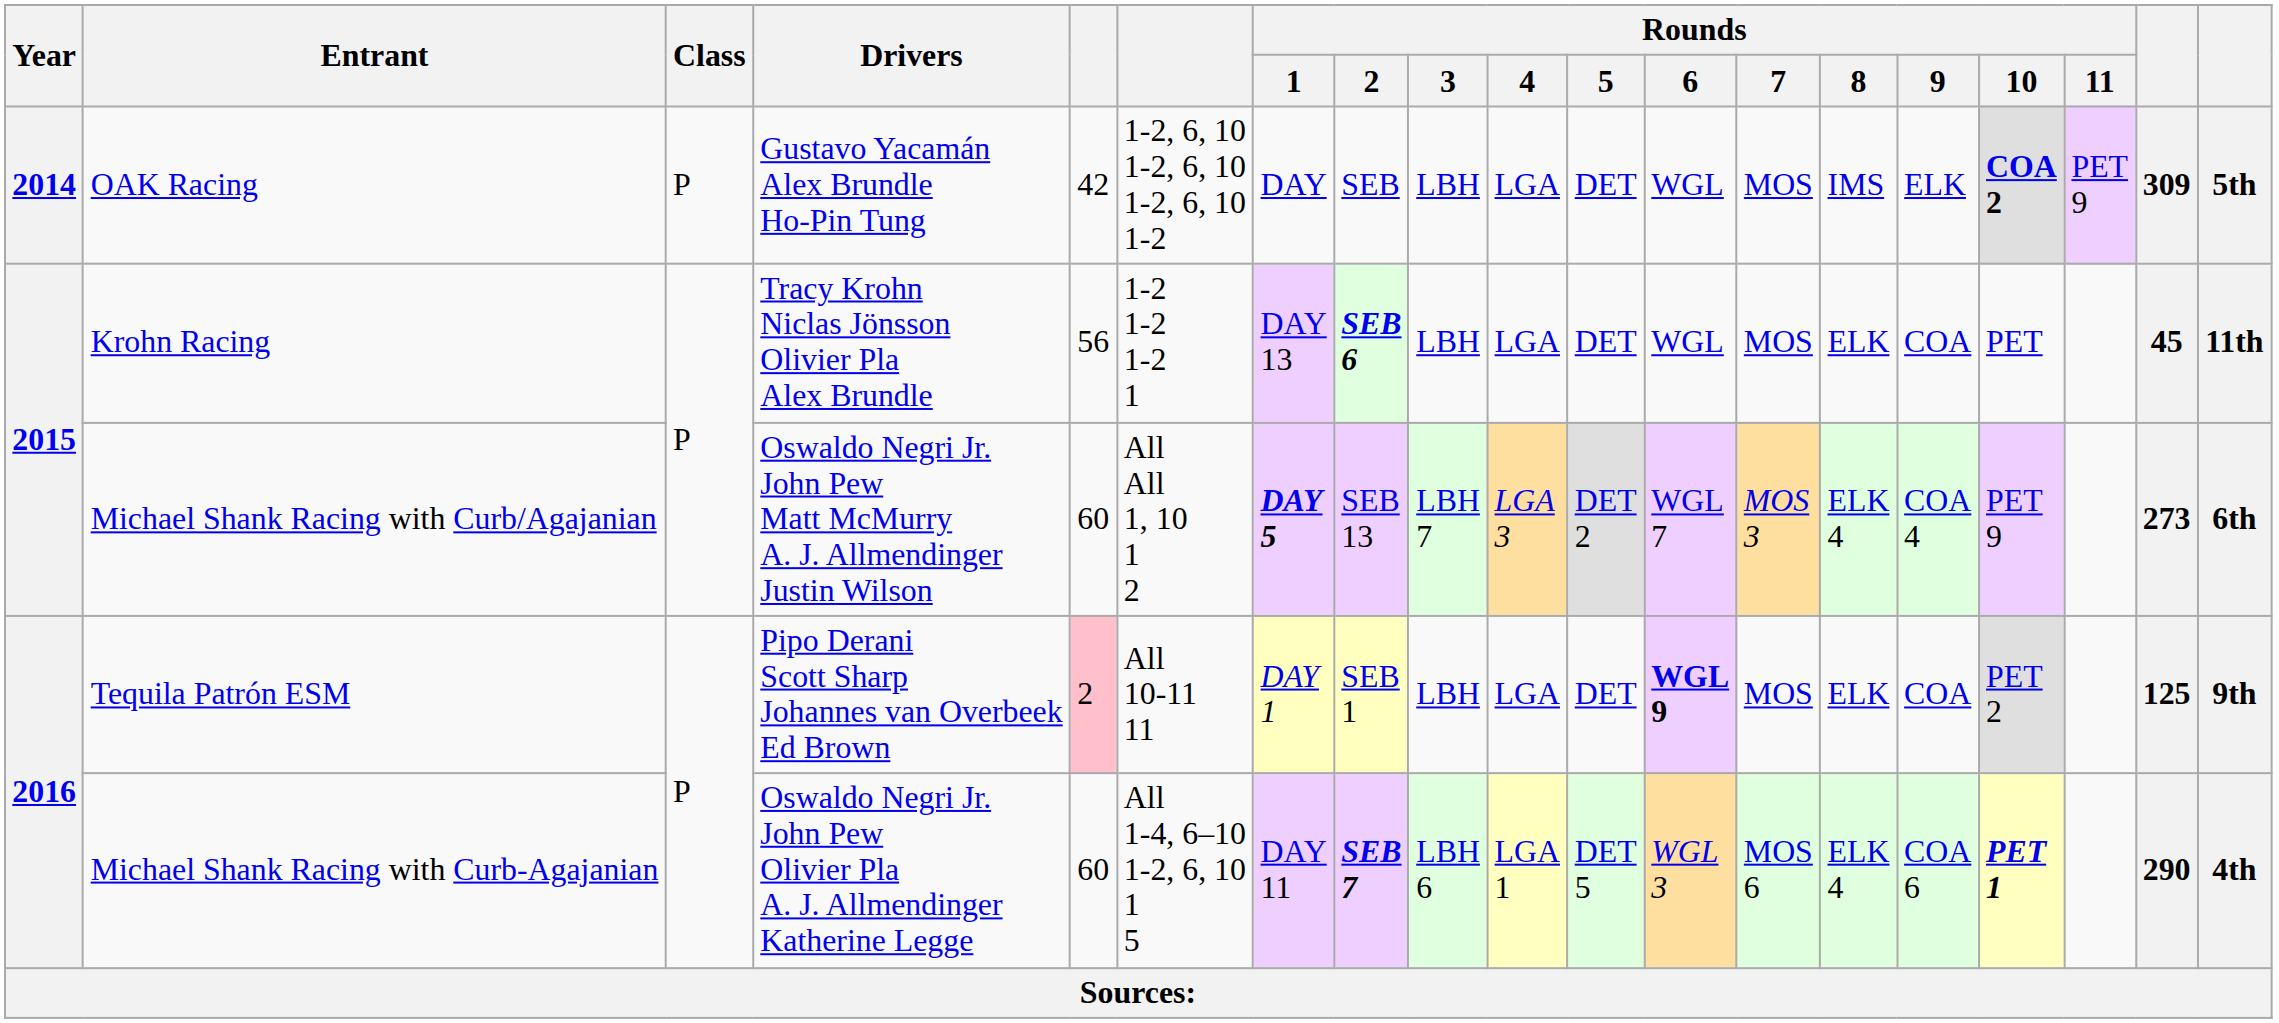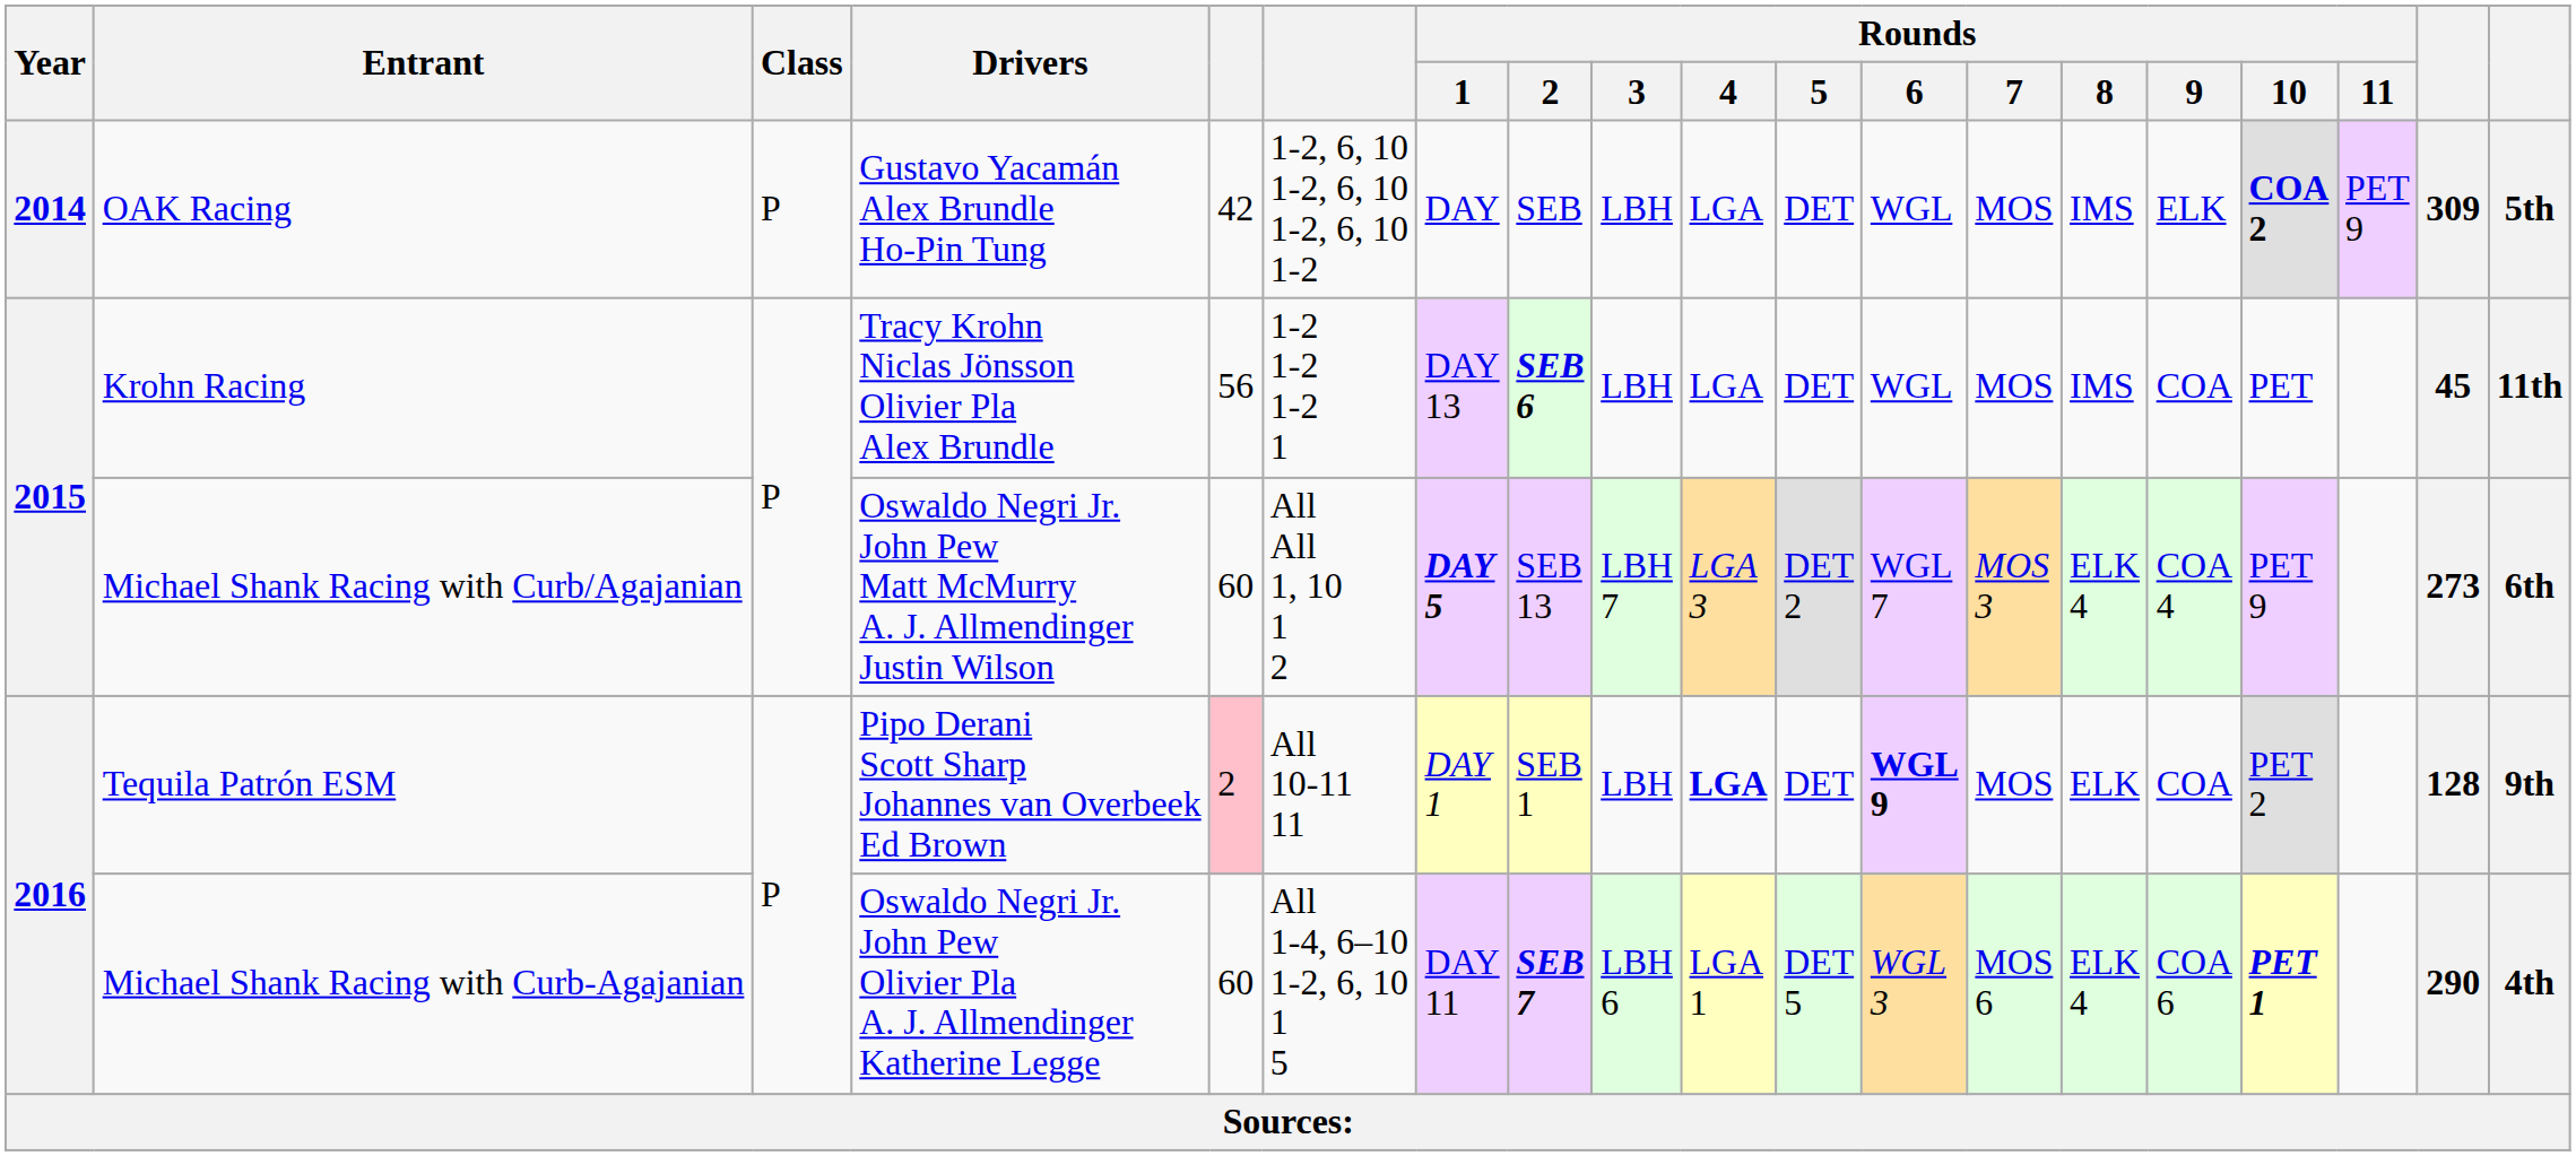 <table class="wikitable">
 <tr>
 <th rowspan="2">Year</th>
 <th rowspan="2">Entrant</th>
 <th rowspan="2">Class</th>
 <th rowspan="2">Drivers</th>
 <th rowspan="2"></th>
 <th rowspan="2"></th>
 <th colspan="11">Rounds</th>
 <th rowspan="2"></th>
 <th rowspan="2"></th>
 </tr>
 <tr>
 <th>1</th>
 <th>2</th>
 <th>3</th>
 <th>4</th>
 <th>5</th>
 <th>6</th>
 <th>7</th>
 <th>8</th>
 <th>9</th>
 <th>10</th>
 <th>11</th>
 </tr>
 <tr>
 <th><a href='#'>2014</a></th>
 <td> <a href='#'>OAK Racing</a></td>
 <td>P</td>
 <td> <a href='#'>Gustavo Yacamán</a><br> <a href='#'>Alex Brundle</a><br> <a href='#'>Ho-Pin Tung</a></td>
 <td>42</td>
 <td>1-2, 6, 10<br>1-2, 6, 10<br>1-2, 6, 10<br>1-2</td>
 <td><a href='#'>DAY</a></td>
 <td><a href='#'>SEB</a></td>
 <td><a href='#'>LBH</a></td>
 <td><a href='#'>LGA</a></td>
 <td><a href='#'>DET</a></td>
 <td><a href='#'>WGL</a></td>
 <td><a href='#'>MOS</a></td>
 <td><a href='#'>IMS</a></td>
 <td><a href='#'>ELK</a></td>
 <td style="background:#DFDFDF;”"><strong><a href='#'>COA</a><br>2</strong></td>
 <td style="background:#EFCFFF;"><a href='#'>PET</a><br>9</td>
 <th>309</th>
 <th>5th</th>
 </tr>
 <tr>
 <th rowspan="2"><a href='#'>2015</a></th>
 <td> <a href='#'>Krohn Racing</a></td>
 <td rowspan="2">P</td>
 <td> <a href='#'>Tracy Krohn</a><br> <a href='#'>Niclas Jönsson</a><br> <a href='#'>Olivier Pla</a><br> <a href='#'>Alex Brundle</a></td>
 <td>56</td>
 <td>1-2<br>1-2<br>1-2<br>1</td>
 <td style="background:#EFCFFF;"><a href='#'>DAY</a><br>13</td>
 <td style="background:#DFFFDF;"><strong><em><a href='#'>SEB</a><br>6</em></strong></td>
 <td><a href='#'>LBH</a><br></td>
 <td><a href='#'>LGA</a><br></td>
 <td><a href='#'>DET</a><br></td>
 <td><a href='#'>WGL</a><br></td>
 <td><a href='#'>MOS</a><br></td>
-<td><a href='#'>ELK</a><br></td>
+<td><a href='#'>IMS</a></td>
 <td><a href='#'>COA</a><br></td>
 <td><a href='#'>PET</a><br></td>
 <td></td>
 <th>45</th>
 <th>11th</th>
 </tr>
 <tr>
 <td> <a href='#'>Michael Shank Racing</a> with <a href='#'>Curb/Agajanian</a></td>
 <td> <a href='#'>Oswaldo Negri Jr.</a><br> <a href='#'>John Pew</a><br> <a href='#'>Matt McMurry</a><br> <a href='#'>A. J. Allmendinger</a><br> <a href='#'>Justin Wilson</a></td>
 <td>60</td>
 <td>All<br>All<br>1, 10<br>1<br>2</td>
 <td style="background:#EFCFFF;"><strong><em><a href='#'>DAY</a><br>5</em></strong></td>
 <td style="background:#EFCFFF;"><a href='#'>SEB</a><br>13</td>
 <td style="background:#DFFFDF;"><a href='#'>LBH</a><br>7</td>
 <td style="background:#FFDF9F;”"><em><a href='#'>LGA</a><br>3</em></td>
 <td style="background:#DFDFDF;”"><a href='#'>DET</a><br>2</td>
 <td style="background:#EFCFFF;"><a href='#'>WGL</a><br>7</td>
 <td style="background:#FFDF9F;”"><em><a href='#'>MOS</a><br>3</em></td>
 <td style="background:#DFFFDF;"><a href='#'>ELK</a><br>4</td>
 <td style="background:#DFFFDF;"><a href='#'>COA</a><br>4</td>
 <td style="background:#EFCFFF;"><a href='#'>PET</a><br>9</td>
 <td></td>
 <th>273</th>
 <th>6th</th>
 </tr>
 <tr>
 <th rowspan="2"><a href='#'>2016</a></th>
 <td> <a href='#'>Tequila Patrón ESM</a></td>
 <td rowspan="2">P</td>
 <td> <a href='#'>Pipo Derani</a><br> <a href='#'>Scott Sharp</a><br> <a href='#'>Johannes van Overbeek</a><br> <a href='#'>Ed Brown</a></td>
 <td style="background: pink;">2</td>
 <td>All<br>10-11<br>11</td>
 <td style="background:#FFFFBF;”"><em><a href='#'>DAY</a><br>1</em></td>
 <td style="background:#FFFFBF;”"><a href='#'>SEB</a><br>1</td>
 <td><a href='#'>LBH</a><br></td>
-<td><a href='#'>LGA</a><br></td>
+<td><strong><a href='#'>LGA</a><br></strong></td>
 <td><a href='#'>DET</a><br></td>
 <td style="background:#EFCFFF;"><strong><a href='#'>WGL</a><br>9</strong></td>
 <td><a href='#'>MOS</a><br></td>
 <td><a href='#'>ELK</a><br></td>
 <td><a href='#'>COA</a><br></td>
 <td style="background:#DFDFDF;”"><a href='#'>PET</a><br>2</td>
 <td></td>
-<th>125</th>
+<th>128</th>
 <th>9th</th>
 </tr>
 <tr>
 <td> <a href='#'>Michael Shank Racing</a> with <a href='#'>Curb-Agajanian</a></td>
 <td> <a href='#'>Oswaldo Negri Jr.</a><br> <a href='#'>John Pew</a><br> <a href='#'>Olivier Pla</a><br> <a href='#'>A. J. Allmendinger</a><br> <a href='#'>Katherine Legge</a></td>
 <td>60</td>
 <td>All<br>1-4, 6–10<br>1-2, 6, 10<br>1<br>5</td>
 <td style="background:#EFCFFF;"><a href='#'>DAY</a><br>11</td>
 <td style="background:#EFCFFF;"><strong><em><a href='#'>SEB</a><br>7</em></strong></td>
 <td style="background:#DFFFDF;"><a href='#'>LBH</a><br>6</td>
 <td style="background:#FFFFBF;”"><a href='#'>LGA</a><br>1</td>
 <td style="background:#DFFFDF;"><a href='#'>DET</a><br>5</td>
 <td style="background:#FFDF9F;”"><em><a href='#'>WGL</a><br>3</em></td>
 <td style="background:#DFFFDF;"><a href='#'>MOS</a><br>6</td>
 <td style="background:#DFFFDF;"><a href='#'>ELK</a><br>4</td>
 <td style="background:#DFFFDF;"><a href='#'>COA</a><br>6</td>
 <td style="background:#FFFFBF;”"><strong><em><a href='#'>PET</a><br>1</em></strong></td>
 <td></td>
 <th>290</th>
 <th>4th</th>
 </tr>
 <tr>
 <th colspan="19">Sources:</th>
 </tr>
 </table>
